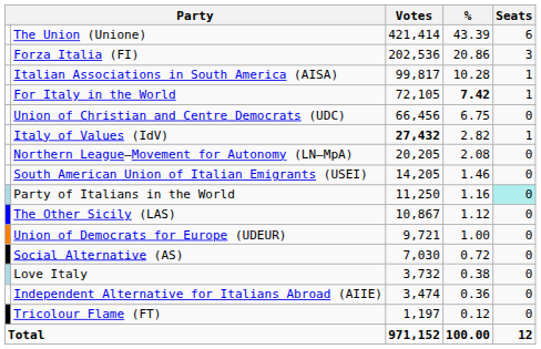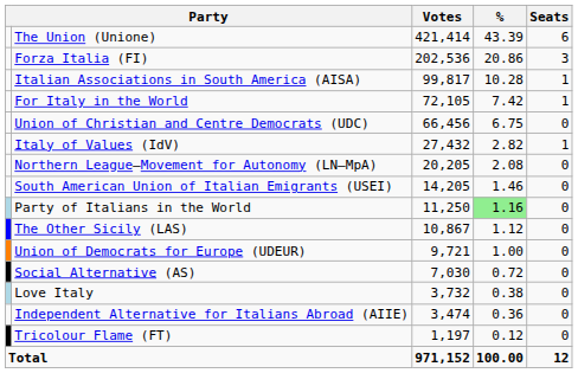 <table class=wikitable style="text-align:right">
 <tr>
 <th colspan=2>Party</th>
 <th>Votes</th>
 <th>%</th>
 <th>Seats</th>
 </tr>
 <tr>
 <td></td>
 <td align="left"><a href='#'>The Union</a> (Unione)</td>
 <td align="right">421,414</td>
 <td align="right">43.39</td>
 <td align="right">6</td>
 </tr>
 <tr>
 <td></td>
 <td align="left"><a href='#'>Forza Italia</a> (FI)</td>
 <td align="right">202,536</td>
 <td align="right">20.86</td>
 <td align="right">3</td>
 </tr>
 <tr>
 <td></td>
 <td align="left"><a href='#'>Italian Associations in South America</a> (AISA)</td>
 <td align="right">99,817</td>
 <td align="right">10.28</td>
 <td align="right">1</td>
 </tr>
 <tr>
 <td></td>
 <td align="left"><a href='#'>For Italy in the World</a></td>
 <td align="right">72,105</td>
-<td align="right"><strong>7.42</strong></td>
+<td align="right">7.42</td>
 <td align="right">1</td>
 </tr>
 <tr>
 <td></td>
 <td align="left"><a href='#'>Union of Christian and Centre Democrats</a> (UDC)</td>
 <td align="right">66,456</td>
 <td align="right">6.75</td>
 <td align="right">0</td>
 </tr>
 <tr>
 <td></td>
 <td align="left"><a href='#'>Italy of Values</a> (IdV)</td>
-<td align="right"><strong>27,432</strong></td>
+<td align="right">27,432</td>
 <td align="right">2.82</td>
 <td align="right">1</td>
 </tr>
 <tr>
 <td></td>
 <td align="left"><a href='#'>Northern League</a>–<a href='#'>Movement for Autonomy</a> (LN–MpA)</td>
 <td align="right">20,205</td>
 <td align="right">2.08</td>
 <td align="right">0</td>
 </tr>
 <tr>
 <td></td>
 <td align="left"><a href='#'>South American Union of Italian Emigrants</a> (USEI)</td>
 <td align="right">14,205</td>
 <td align="right">1.46</td>
 <td align="right">0</td>
 </tr>
 <tr>
 <td bgcolor="lightblue"></td>
 <td align="left">Party of Italians in the World</td>
 <td align="right">11,250</td>
-<td align="right">1.16</td>
-<td align="right" style="background: paleturquoise;">0</td>
+<td align="right" style="background: lightgreen;">1.16</td>
+<td align="right">0</td>
 </tr>
 <tr>
 <td bgcolor="blue"></td>
 <td align="left"><a href='#'>The Other Sicily</a> (LAS)</td>
 <td align="right">10,867</td>
 <td align="right">1.12</td>
 <td align="right">0</td>
 </tr>
 <tr>
 <td bgcolor="#FF7F00"></td>
 <td align="left"><a href='#'>Union of Democrats for Europe</a> (UDEUR)</td>
 <td align="right">9,721</td>
 <td align="right">1.00</td>
 <td align="right">0</td>
 </tr>
 <tr>
 <td bgcolor="black"></td>
 <td align="left"><a href='#'>Social Alternative</a> (AS)</td>
 <td align="right">7,030</td>
 <td align="right">0.72</td>
 <td align="right">0</td>
 </tr>
 <tr>
 <td bgcolor="lightblue"></td>
 <td align="left">Love Italy</td>
 <td align="right">3,732</td>
 <td align="right">0.38</td>
 <td align="right">0</td>
 </tr>
 <tr>
 <td></td>
 <td align="left"><a href='#'>Independent Alternative for Italians Abroad</a> (AIIE)</td>
 <td align="right">3,474</td>
 <td align="right">0.36</td>
 <td align="right">0</td>
 </tr>
 <tr>
 <td bgcolor="black"></td>
 <td align="left"><a href='#'>Tricolour Flame</a> (FT)</td>
 <td align="right">1,197</td>
 <td align="right">0.12</td>
 <td align="right">0</td>
 </tr>
 <tr>
 <td align="left" colspan=2><strong>Total</strong></td>
 <td align="right"><strong>971,152</strong></td>
 <td align="right"><strong>100.00</strong></td>
 <td align="right"><strong>12</strong></td>
 </tr>
 </table>
